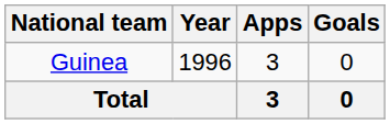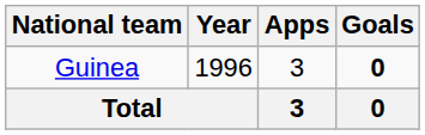 <table class=wikitable style=text-align:center>
 <tr>
 <th>National team</th>
 <th>Year</th>
 <th>Apps</th>
 <th>Goals</th>
 </tr>
 <tr>
 <td rowspan="1"><a href='#'>Guinea</a></td>
 <td>1996</td>
 <td>3</td>
-<td>0</td>
+<td><strong>0</strong></td>
 </tr>
 <tr>
 <th colspan="2">Total</th>
 <th>3</th>
 <th>0</th>
 </tr>
 </table>
